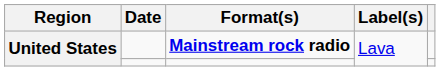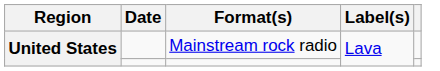 <table class="wikitable plainrowheaders">
 <tr>
 <th scope="col">Region</th>
 <th scope="col">Date</th>
 <th scope="col">Format(s)</th>
 <th scope="col">Label(s)</th>
 <th scope="col"></th>
 </tr>
 <tr>
 <th scope="row" rowspan="2">United States</th>
 <td></td>
-<td><strong><a href='#'>Mainstream rock</a> radio</strong></td>
+<td><a href='#'>Mainstream rock</a> radio</td>
 <td rowspan="2"><a href='#'>Lava</a></td>
 <td></td>
 </tr>
 <tr>
 <td></td>
 <td></td>
 <td></td>
 </tr>
 </table>
